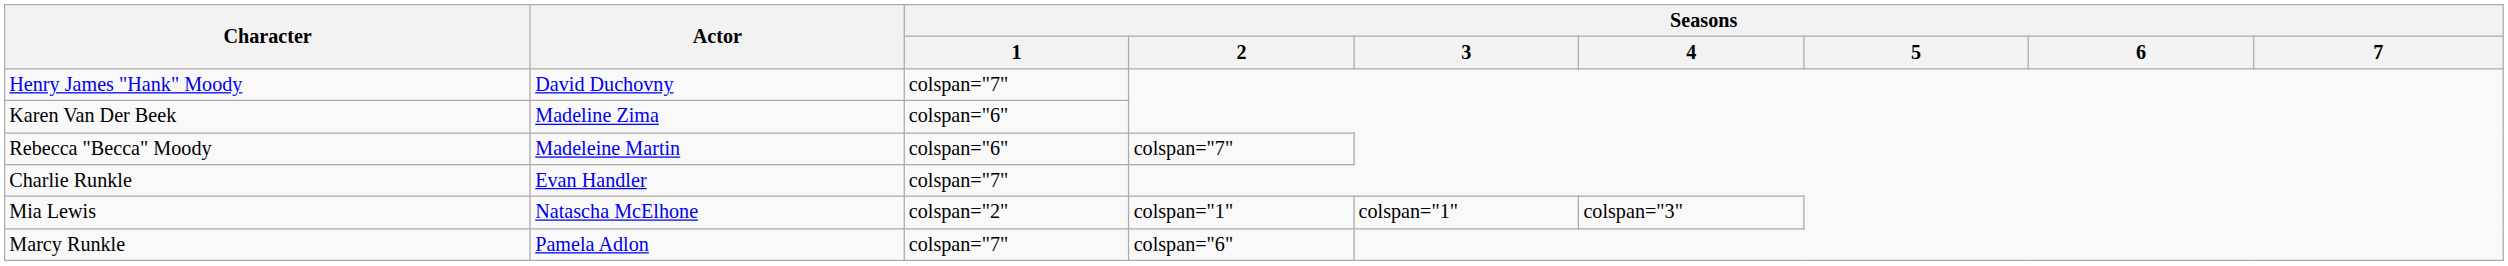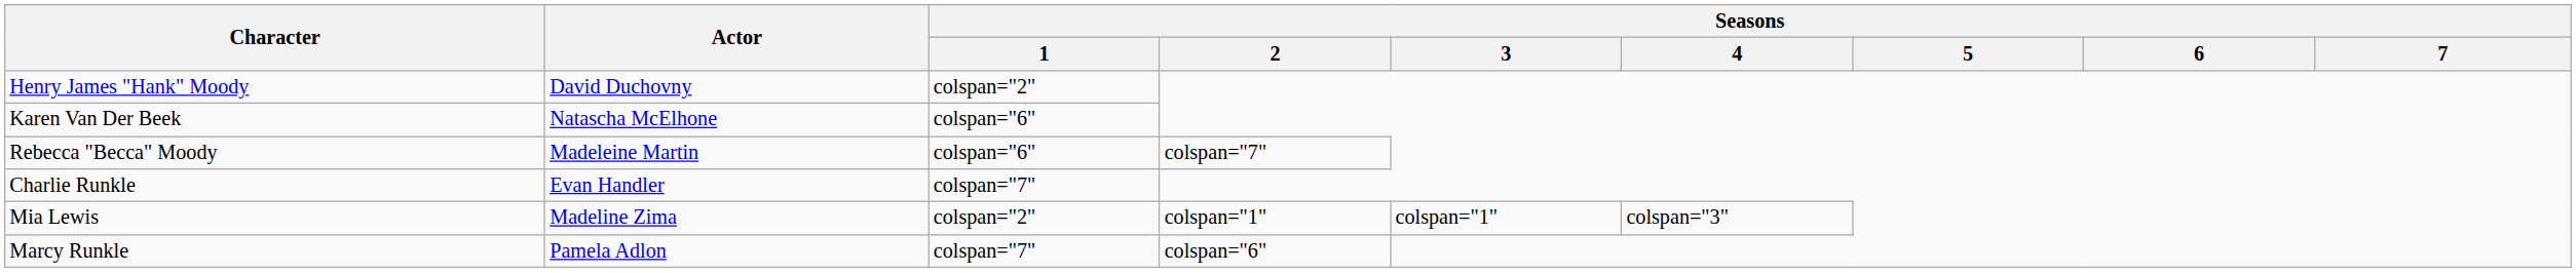 <table class="wikitable" style="width:100%;">
 <tr>
 <th rowspan="2">Character</th>
 <th rowspan="2">Actor</th>
 <th colspan="8">Seasons</th>
 </tr>
 <tr>
 <th style="width:9%;">1</th>
 <th style="width:9%;">2</th>
 <th style="width:9%;">3</th>
 <th style="width:9%;">4</th>
 <th style="width:9%;">5</th>
 <th style="width:9%;">6</th>
 <th style="width:10%;">7</th>
 </tr>
 <tr>
 <td><a href='#'>Henry James "Hank" Moody</a></td>
 <td><a href='#'>David Duchovny</a></td>
-<td>colspan="7" </td>
+<td>colspan="2" </td>
 </tr>
 <tr>
 <td>Karen Van Der Beek</td>
-<td><a href='#'>Madeline Zima</a></td>
+<td><a href='#'>Natascha McElhone</a></td>
 <td>colspan="6" </td>
 </tr>
 <tr>
 <td>Rebecca "Becca" Moody</td>
 <td><a href='#'>Madeleine Martin</a></td>
 <td>colspan="6" </td>
 <td>colspan="7" </td>
 </tr>
 <tr>
 <td>Charlie Runkle</td>
 <td><a href='#'>Evan Handler</a></td>
 <td>colspan="7" </td>
 </tr>
 <tr>
 <td>Mia Lewis</td>
-<td><a href='#'>Natascha McElhone</a></td>
+<td><a href='#'>Madeline Zima</a></td>
 <td>colspan="2" </td>
 <td>colspan="1" </td>
 <td>colspan="1" </td>
 <td>colspan="3" </td>
 </tr>
 <tr>
 <td>Marcy Runkle</td>
 <td><a href='#'>Pamela Adlon</a></td>
 <td>colspan="7" </td>
 <td>colspan="6" </td>
 </tr>
 </table>
